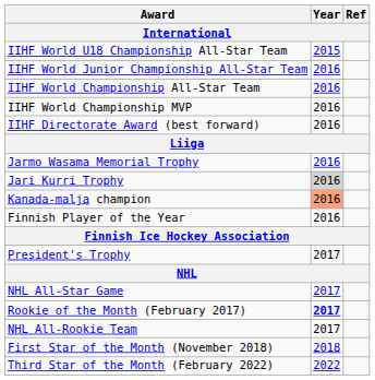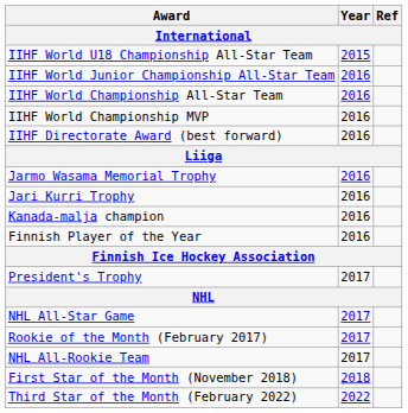 <table class="wikitable">
 <tr>
 <th>Award</th>
 <th>Year</th>
 <th>Ref</th>
 </tr>
 <tr>
 <th colspan="3"><a href='#'>International</a></th>
 </tr>
 <tr>
 <td><a href='#'>IIHF World U18 Championship</a> All-Star Team</td>
 <td><a href='#'>2015</a></td>
 <td></td>
 </tr>
 <tr>
 <td><a href='#'>IIHF World Junior Championship All-Star Team</a></td>
 <td><a href='#'>2016</a></td>
 <td></td>
 </tr>
 <tr>
 <td><a href='#'>IIHF World Championship</a> All-Star Team</td>
 <td><a href='#'>2016</a></td>
 <td></td>
 </tr>
 <tr>
 <td>IIHF World Championship MVP</td>
 <td>2016</td>
 <td></td>
 </tr>
 <tr>
 <td><a href='#'>IIHF Directorate Award</a> (best forward)</td>
 <td>2016</td>
 <td></td>
 </tr>
 <tr>
 <th colspan="3"><a href='#'>Liiga</a></th>
 </tr>
 <tr>
 <td><a href='#'>Jarmo Wasama Memorial Trophy</a></td>
 <td><a href='#'>2016</a></td>
 <td></td>
 </tr>
 <tr>
 <td><a href='#'>Jari Kurri Trophy</a></td>
-<td style="background: lightgrey;">2016</td>
+<td>2016</td>
 <td></td>
 </tr>
 <tr>
 <td><a href='#'>Kanada-malja</a> champion</td>
-<td style="background: lightsalmon;">2016</td>
+<td>2016</td>
 <td></td>
 </tr>
 <tr>
 <td>Finnish Player of the Year</td>
 <td>2016</td>
 <td></td>
 </tr>
 <tr>
 <th colspan="3"><a href='#'>Finnish Ice Hockey Association</a></th>
 </tr>
 <tr>
 <td><a href='#'>President's Trophy</a></td>
 <td>2017</td>
 <td></td>
 </tr>
 <tr>
 <th colspan="3"><a href='#'>NHL</a></th>
 </tr>
 <tr>
 <td><a href='#'>NHL All-Star Game</a></td>
 <td><a href='#'>2017</a></td>
 <td></td>
 </tr>
 <tr>
 <td><a href='#'>Rookie of the Month</a> (February 2017)</td>
-<td><strong><a href='#'>2017</a></strong></td>
+<td><a href='#'>2017</a></td>
 <td></td>
 </tr>
 <tr>
 <td><a href='#'>NHL All-Rookie Team</a></td>
 <td>2017</td>
 <td></td>
 </tr>
 <tr>
 <td><a href='#'>First Star of the Month</a> (November 2018)</td>
 <td><a href='#'>2018</a></td>
 <td></td>
 </tr>
 <tr>
 <td><a href='#'>Third Star of the Month</a> (February 2022)</td>
 <td><a href='#'>2022</a></td>
 <td></td>
 </tr>
 </table>
